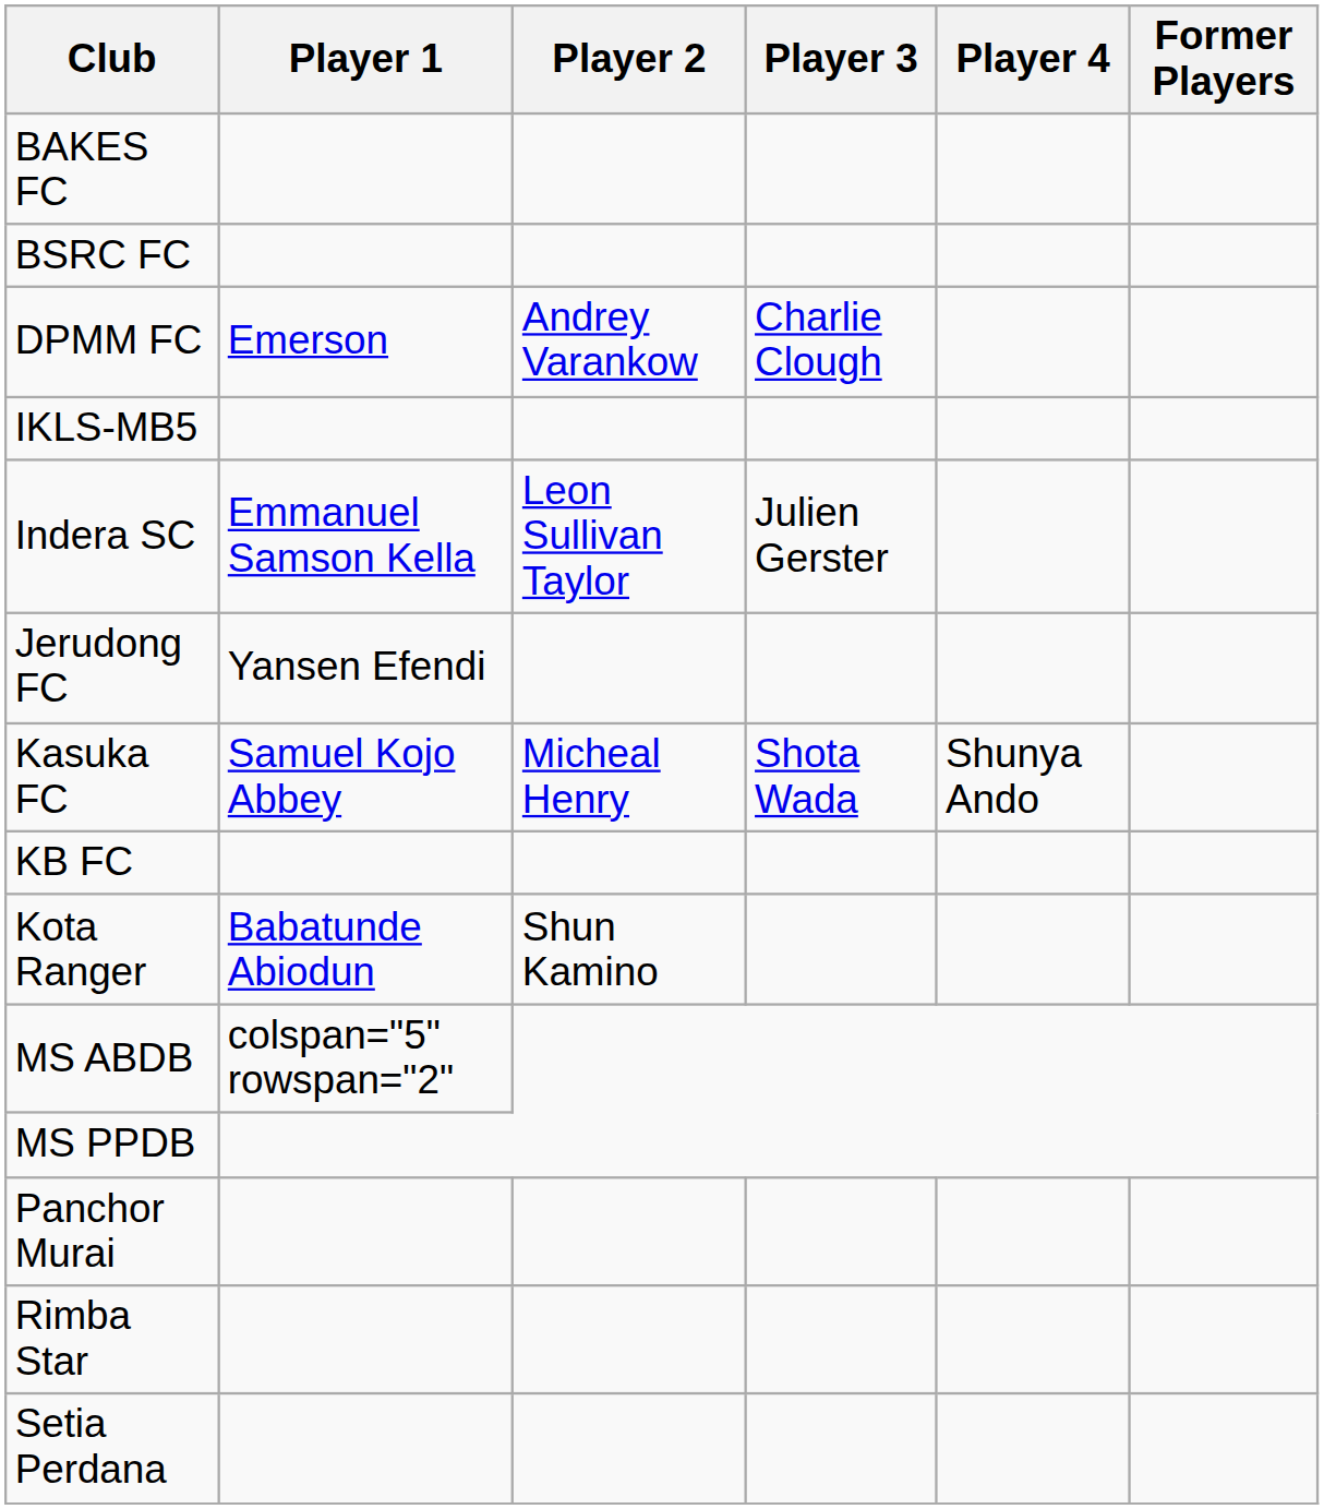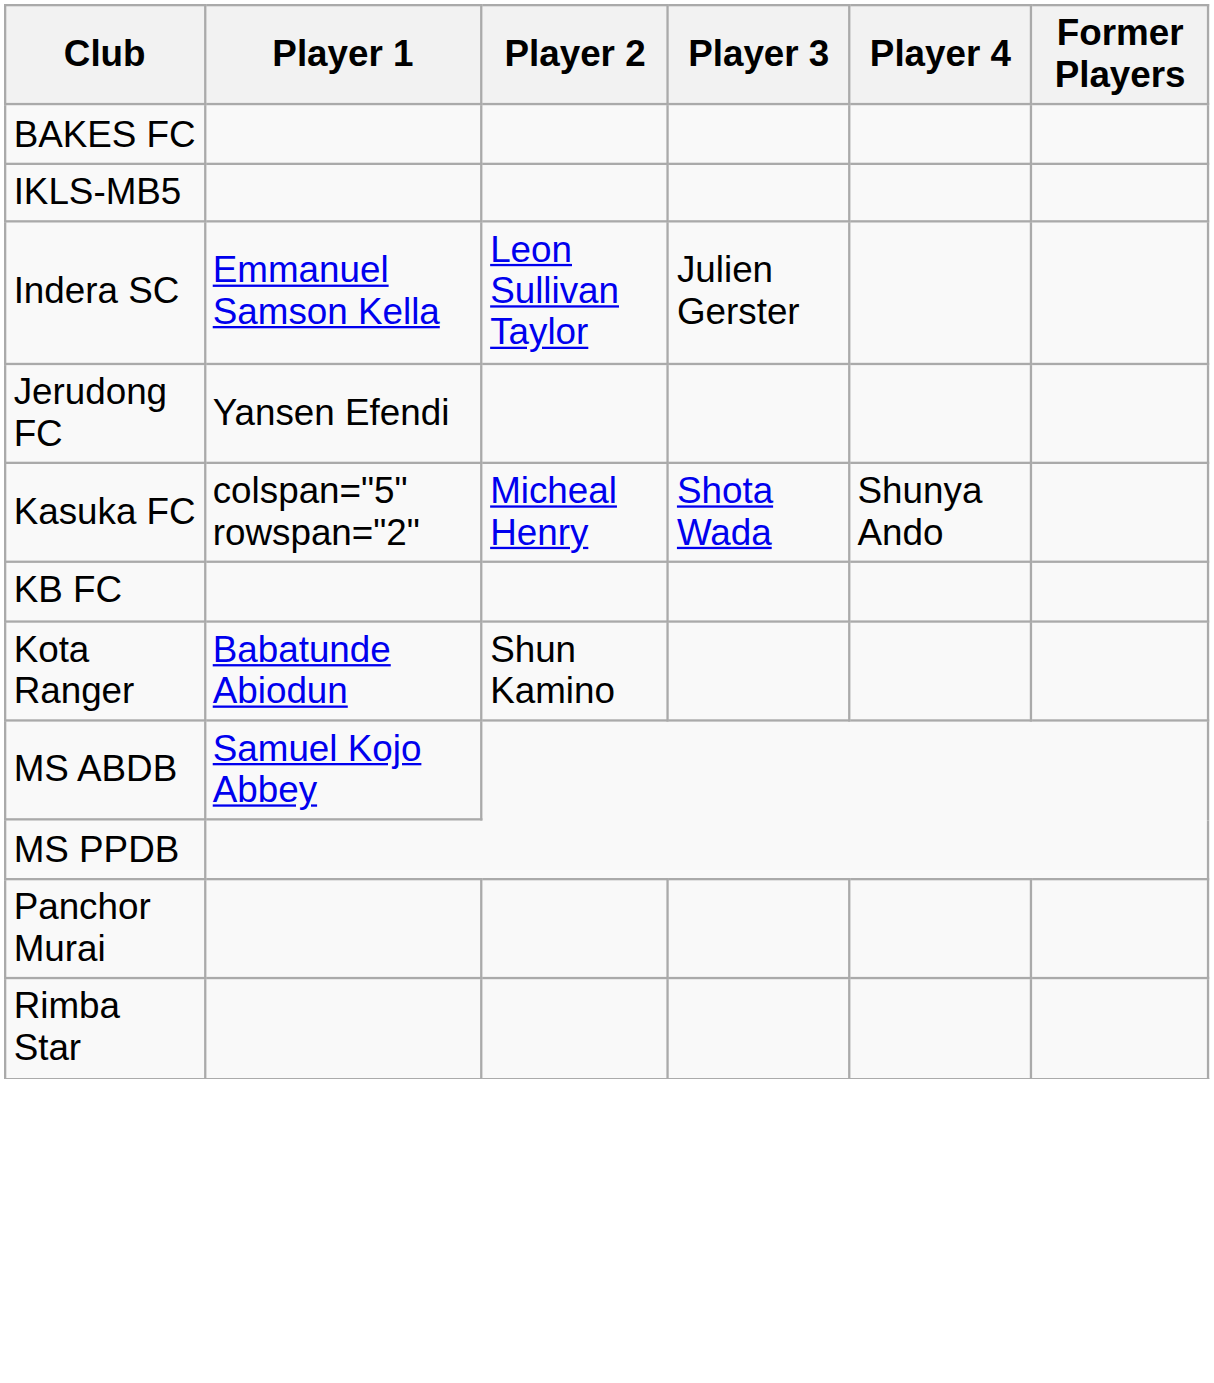 <table class="wikitable sortable" style="font-size:100%; width:84%">
 <tr>
 <th style="width:7%">Club</th>
 <th style="width:13%">Player 1</th>
 <th style="width:10%">Player 2</th>
 <th style="width:10%">Player 3</th>
 <th style="width:10%">Player 4</th>
 <th style="width:7%">Former Players</th>
 </tr>
 <tr>
 <td>BAKES FC</td>
 <td></td>
 <td></td>
 <td></td>
-<td></td>
-<td></td>
-</tr>
-<tr>
-<td>BSRC FC</td>
-<td></td>
-<td></td>
-<td></td>
-<td></td>
-<td></td>
-</tr>
-<tr>
-<td>DPMM FC</td>
-<td> <a href='#'>Emerson</a></td>
-<td> <a href='#'>Andrey Varankow</a></td>
-<td> <a href='#'>Charlie Clough</a></td>
 <td></td>
 <td></td>
 </tr>
 <tr>
 <td>IKLS-MB5</td>
 <td></td>
 <td></td>
 <td></td>
 <td></td>
 <td></td>
 </tr>
 <tr>
 <td>Indera SC</td>
 <td> <a href='#'>Emmanuel Samson Kella</a></td>
 <td> <a href='#'>Leon Sullivan Taylor</a></td>
 <td> Julien Gerster</td>
 <td></td>
 <td></td>
 </tr>
 <tr>
 <td>Jerudong FC</td>
 <td> Yansen Efendi</td>
 <td></td>
 <td></td>
 <td></td>
 <td></td>
 </tr>
 <tr>
 <td>Kasuka FC</td>
-<td> <a href='#'>Samuel Kojo Abbey</a></td>
+<td>colspan="5" rowspan="2" </td>
 <td> <a href='#'>Micheal Henry</a></td>
 <td> <a href='#'>Shota Wada</a></td>
 <td> Shunya Ando</td>
 <td></td>
 </tr>
 <tr>
 <td>KB FC</td>
 <td></td>
 <td></td>
 <td></td>
 <td></td>
 <td></td>
 </tr>
 <tr>
 <td>Kota Ranger</td>
 <td> <a href='#'>Babatunde Abiodun</a></td>
 <td> Shun Kamino</td>
 <td></td>
 <td></td>
 <td></td>
 </tr>
 <tr>
 <td>MS ABDB</td>
-<td>colspan="5" rowspan="2" </td>
+<td> <a href='#'>Samuel Kojo Abbey</a></td>
 </tr>
 <tr>
 <td>MS PPDB</td>
 </tr>
 <tr>
 <td>Panchor Murai</td>
 <td></td>
 <td></td>
 <td></td>
 <td></td>
 <td></td>
 </tr>
 <tr>
 <td>Rimba Star</td>
 <td></td>
 <td></td>
 <td></td>
 <td></td>
 <td></td>
 </tr>
 <tr>
-<td>Setia Perdana</td>
-<td></td>
-<td></td>
-<td></td>
-<td></td>
-<td></td>
-</tr>
-<tr>
 </tr>
 </table>
